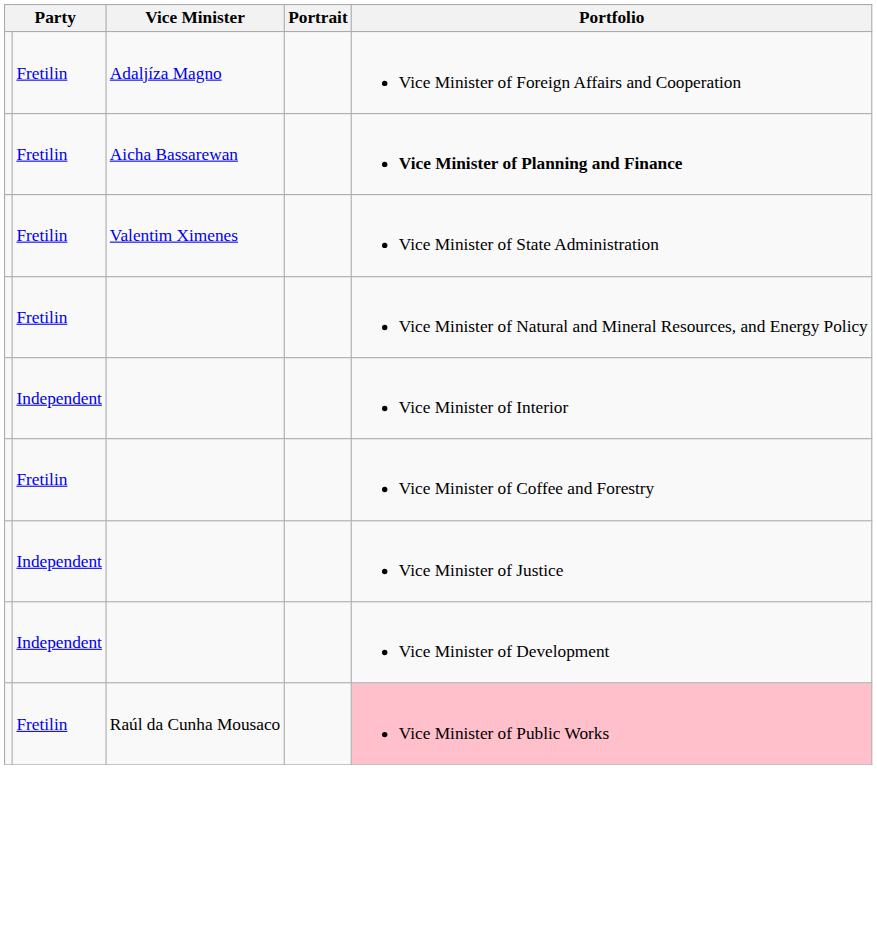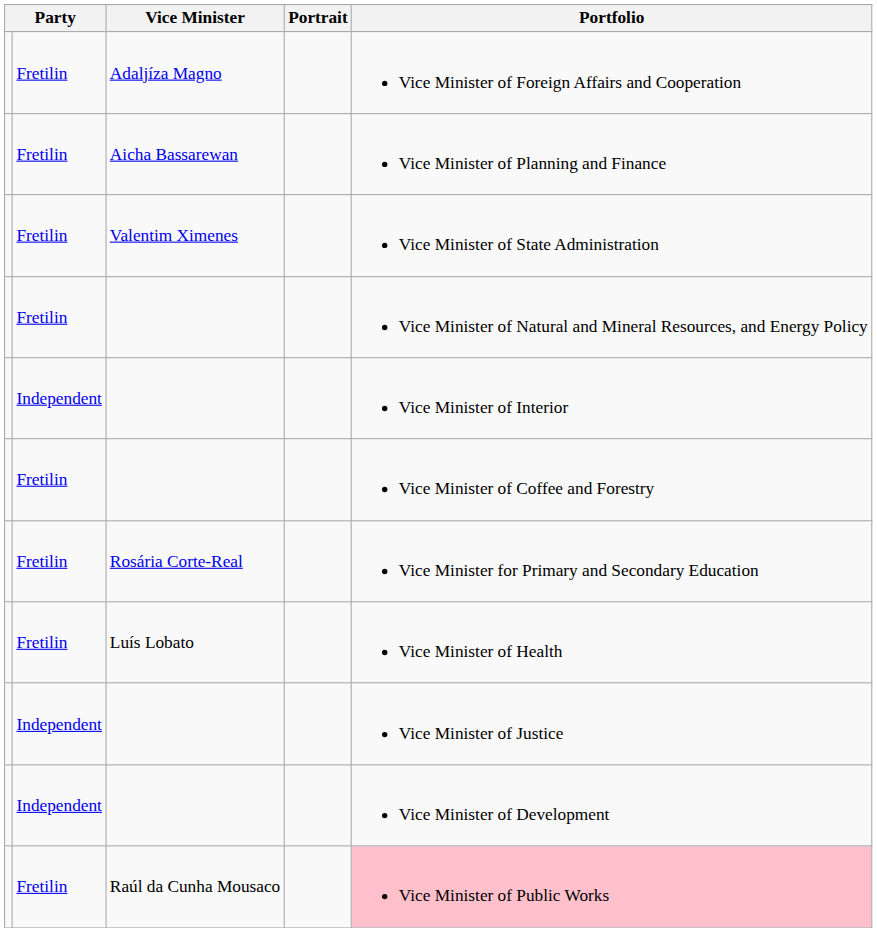 <table class="wikitable sortable">
 <tr>
 <th colspan="2">Party</th>
 <th>Vice Minister</th>
 <th>Portrait</th>
 <th>Portfolio</th>
 </tr>
 <tr>
 <td style="background:"></td>
 <td><a href='#'>Fretilin</a></td>
 <td><a href='#'>Adaljíza Magno</a></td>
 <td></td>
 <td><br><ul><li>Vice Minister of Foreign Affairs and Cooperation</li></ul></td>
 </tr>
 <tr>
 <td style="background:"></td>
 <td><a href='#'>Fretilin</a></td>
 <td><a href='#'>Aicha Bassarewan</a></td>
 <td></td>
-<td><strong><br><ul><li>Vice Minister of Planning and Finance</li></ul></strong></td>
+<td><br><ul><li>Vice Minister of Planning and Finance</li></ul></td>
 </tr>
 <tr>
 <td style="background:"></td>
 <td><a href='#'>Fretilin</a></td>
 <td><a href='#'>Valentim Ximenes</a></td>
 <td></td>
 <td><br><ul><li>Vice Minister of State Administration</li></ul></td>
 </tr>
 <tr>
 <td style="background:"></td>
 <td><a href='#'>Fretilin</a></td>
 <td></td>
 <td></td>
 <td><br><ul><li>Vice Minister of Natural and Mineral Resources, and Energy Policy</li></ul></td>
 </tr>
 <tr>
 <td style="background:"></td>
 <td><a href='#'>Independent</a></td>
 <td></td>
 <td></td>
 <td><br><ul><li>Vice Minister of Interior</li></ul></td>
 </tr>
 <tr>
 <td style="background:"></td>
 <td><a href='#'>Fretilin</a></td>
 <td></td>
 <td></td>
 <td><br><ul><li>Vice Minister of Coffee and Forestry</li></ul></td>
 </tr>
 <tr>
 <td style="background:"></td>
+<td><a href='#'>Fretilin</a></td>
+<td><a href='#'>Rosária Corte-Real</a></td>
+<td></td>
+<td><br><ul><li>Vice Minister for Primary and Secondary Education</li></ul></td>
+</tr>
+<tr>
+<td style="background:"></td>
+<td><a href='#'>Fretilin</a></td>
+<td>Luís Lobato</td>
+<td></td>
+<td><br><ul><li>Vice Minister of Health</li></ul></td>
+</tr>
+<tr>
+<td style="background:"></td>
 <td><a href='#'>Independent</a></td>
 <td></td>
 <td></td>
 <td><br><ul><li>Vice Minister of Justice</li></ul></td>
 </tr>
 <tr>
 <td style="background:"></td>
 <td><a href='#'>Independent</a></td>
 <td></td>
 <td></td>
 <td><br><ul><li>Vice Minister of Development</li></ul></td>
 </tr>
 <tr>
 <td style="background:"></td>
 <td><a href='#'>Fretilin</a></td>
 <td>Raúl da Cunha Mousaco</td>
 <td></td>
 <td style="background: pink;"><br><ul><li>Vice Minister of Public Works</li></ul></td>
 </tr>
 </table>
